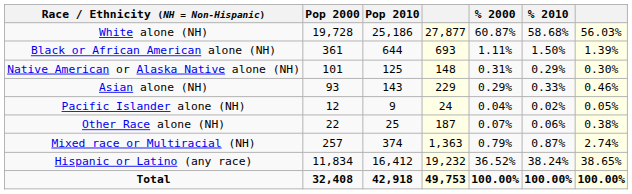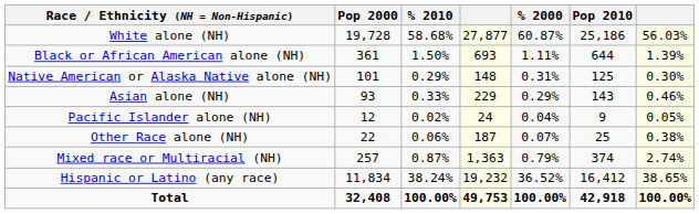 <table class="wikitable" style="text-align:center;">
 <tr>
 <th>Race / Ethnicity <small>(<em>NH = Non-Hispanic</em>)</small></th>
 <th>Pop 2000</th>
-<th>Pop 2010</th>
+<th>% 2010</th>
 <th></th>
 <th>% 2000</th>
-<th>% 2010</th>
+<th>Pop 2010</th>
 <th></th>
 </tr>
 <tr>
 <td><a href='#'>White</a> alone (NH)</td>
 <td>19,728</td>
-<td>25,186</td>
+<td>58.68%</td>
 <td style='background: #ffffe6;'>27,877</td>
 <td>60.87%</td>
-<td>58.68%</td>
+<td>25,186</td>
 <td style='background: #ffffe6;'>56.03%</td>
 </tr>
 <tr>
 <td><a href='#'>Black or African American</a> alone (NH)</td>
 <td>361</td>
-<td>644</td>
+<td>1.50%</td>
 <td style='background: #ffffe6;'>693</td>
 <td>1.11%</td>
-<td>1.50%</td>
+<td>644</td>
 <td style='background: #ffffe6;'>1.39%</td>
 </tr>
 <tr>
 <td><a href='#'>Native American</a> or <a href='#'>Alaska Native</a> alone (NH)</td>
 <td>101</td>
-<td>125</td>
+<td>0.29%</td>
 <td style='background: #ffffe6;'>148</td>
 <td>0.31%</td>
-<td>0.29%</td>
+<td>125</td>
 <td style='background: #ffffe6;'>0.30%</td>
 </tr>
 <tr>
 <td><a href='#'>Asian</a> alone (NH)</td>
 <td>93</td>
-<td>143</td>
+<td>0.33%</td>
 <td style='background: #ffffe6;'>229</td>
 <td>0.29%</td>
-<td>0.33%</td>
+<td>143</td>
 <td style='background: #ffffe6;'>0.46%</td>
 </tr>
 <tr>
 <td><a href='#'>Pacific Islander</a> alone (NH)</td>
 <td>12</td>
-<td>9</td>
+<td>0.02%</td>
 <td style='background: #ffffe6;'>24</td>
 <td>0.04%</td>
-<td>0.02%</td>
+<td>9</td>
 <td style='background: #ffffe6;'>0.05%</td>
 </tr>
 <tr>
 <td><a href='#'>Other Race</a> alone (NH)</td>
 <td>22</td>
-<td>25</td>
+<td>0.06%</td>
 <td style='background: #ffffe6;'>187</td>
 <td>0.07%</td>
-<td>0.06%</td>
+<td>25</td>
 <td style='background: #ffffe6;'>0.38%</td>
 </tr>
 <tr>
 <td><a href='#'>Mixed race or Multiracial</a> (NH)</td>
 <td>257</td>
-<td>374</td>
+<td>0.87%</td>
 <td style='background: #ffffe6;'>1,363</td>
 <td>0.79%</td>
-<td>0.87%</td>
+<td>374</td>
 <td style='background: #ffffe6;'>2.74%</td>
 </tr>
 <tr>
 <td><a href='#'>Hispanic or Latino</a> (any race)</td>
 <td>11,834</td>
-<td>16,412</td>
+<td>38.24%</td>
 <td style='background: #ffffe6;'>19,232</td>
 <td>36.52%</td>
-<td>38.24%</td>
+<td>16,412</td>
 <td style='background: #ffffe6;'>38.65%</td>
 </tr>
 <tr>
 <td><strong>Total</strong></td>
 <td><strong>32,408</strong></td>
-<td><strong>42,918</strong></td>
+<td><strong>100.00%</strong></td>
 <td style='background: #ffffe6;'><strong>49,753</strong></td>
 <td><strong>100.00%</strong></td>
-<td><strong>100.00%</strong></td>
+<td><strong>42,918</strong></td>
 <td style='background: #ffffe6;'><strong>100.00%</strong></td>
 </tr>
 </table>
